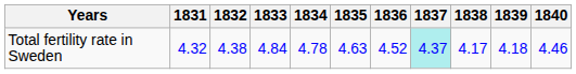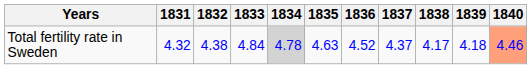 <table class="wikitable " style="text-align:right">
 <tr>
 <th>Years</th>
 <th>1831</th>
 <th>1832</th>
 <th>1833</th>
 <th>1834</th>
 <th>1835</th>
 <th>1836</th>
 <th>1837</th>
 <th>1838</th>
 <th>1839</th>
 <th>1840</th>
 </tr>
 <tr>
 <td style="text-align:left;">Total fertility rate in Sweden</td>
 <td style="text-align:right; color:blue;">4.32</td>
 <td style="text-align:right; color:blue;">4.38</td>
 <td style="text-align:right; color:blue;">4.84</td>
-<td style="text-align:right; color:blue;">4.78</td>
+<td style="background: lightgrey; text-align:right; color:blue;">4.78</td>
 <td style="text-align:right; color:blue;">4.63</td>
 <td style="text-align:right; color:blue;">4.52</td>
-<td style="background: paleturquoise; text-align:right; color:blue;">4.37</td>
+<td style="text-align:right; color:blue;">4.37</td>
 <td style="text-align:right; color:blue;">4.17</td>
 <td style="text-align:right; color:blue;">4.18</td>
-<td style="text-align:right; color:blue;">4.46</td>
+<td style="background: lightsalmon; text-align:right; color:blue;">4.46</td>
 </tr>
 </table>
